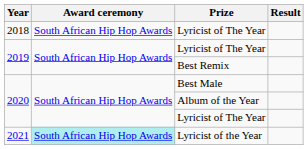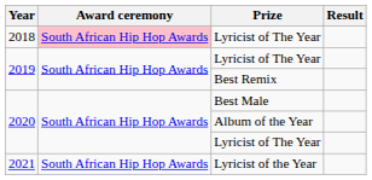 <table class ="wikitable">
 <tr>
 <th>Year</th>
 <th>Award ceremony</th>
 <th>Prize</th>
 <th>Result</th>
 </tr>
 <tr>
 <td>2018</td>
-<td><a href='#'>South African Hip Hop Awards</a></td>
+<td style="background: pink;"><a href='#'>South African Hip Hop Awards</a></td>
 <td>Lyricist of The Year</td>
 <td></td>
 </tr>
 <tr>
 <td rowspan="2"><a href='#'>2019</a></td>
 <td rowspan="2"=><a href='#'>South African Hip Hop Awards</a></td>
 <td>Lyricist of The Year</td>
 <td></td>
 </tr>
 <tr>
 <td>Best Remix</td>
 <td></td>
 </tr>
 <tr  >
 <td rowspan="3"><a href='#'>2020</a></td>
 <td rowspan="3"><a href='#'>South African Hip Hop Awards</a></td>
 <td>Best Male</td>
 <td></td>
 </tr>
 <tr>
 <td>Album of the Year</td>
 <td></td>
 </tr>
 <tr  >
 <td>Lyricist of The Year</td>
 <td></td>
 </tr>
 <tr  >
 <td><a href='#'>2021</a></td>
-<td style="background: paleturquoise;"><a href='#'>South African Hip Hop Awards</a></td>
+<td><a href='#'>South African Hip Hop Awards</a></td>
 <td>Lyricist of the Year</td>
 <td></td>
 </tr>
 </table>
